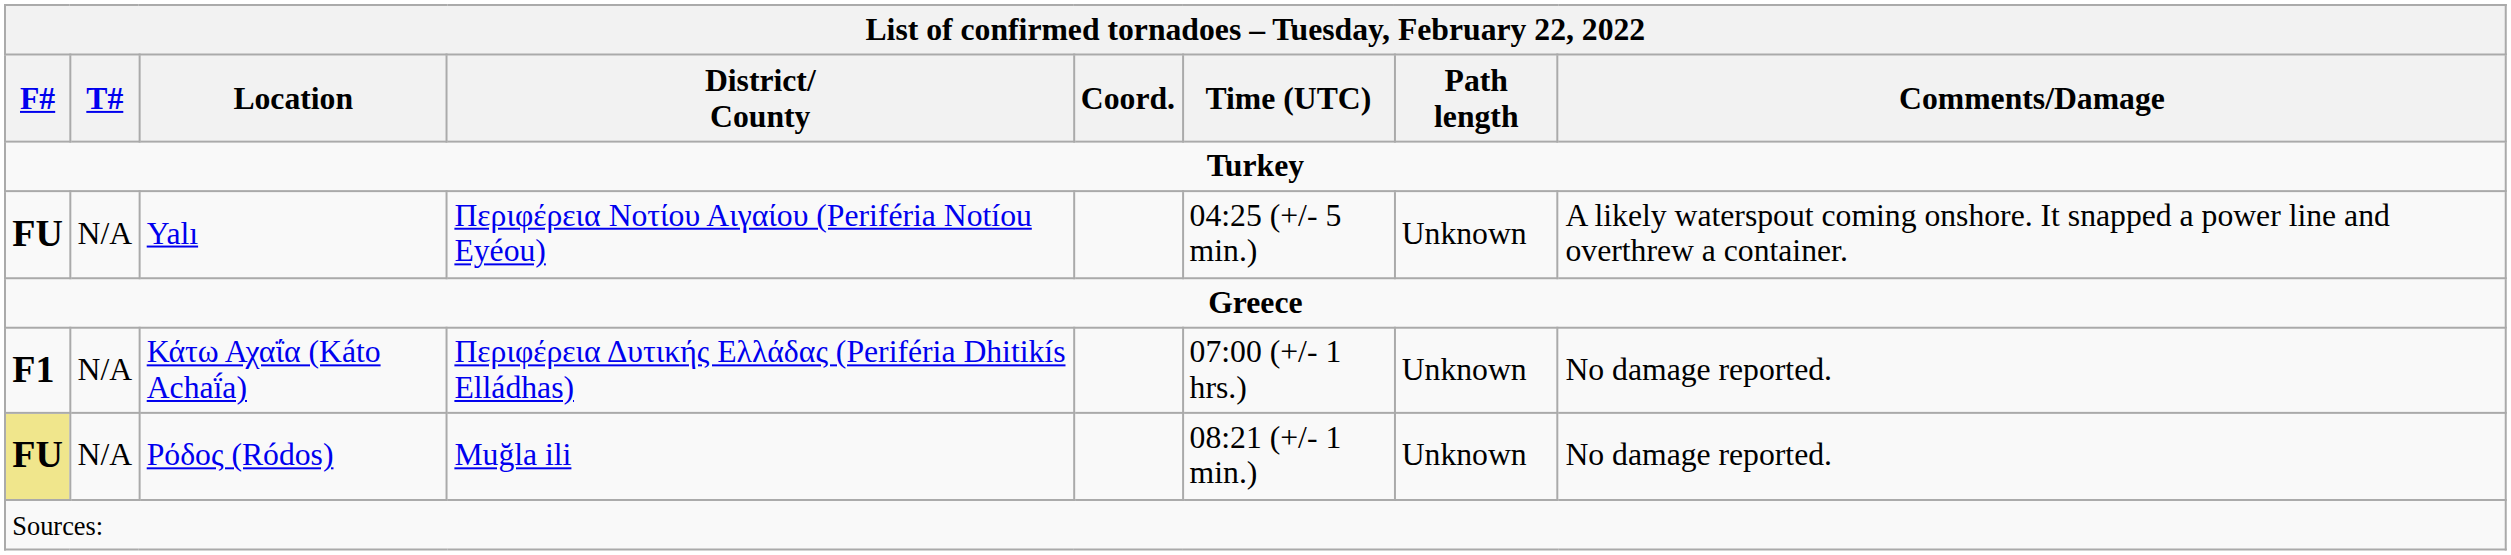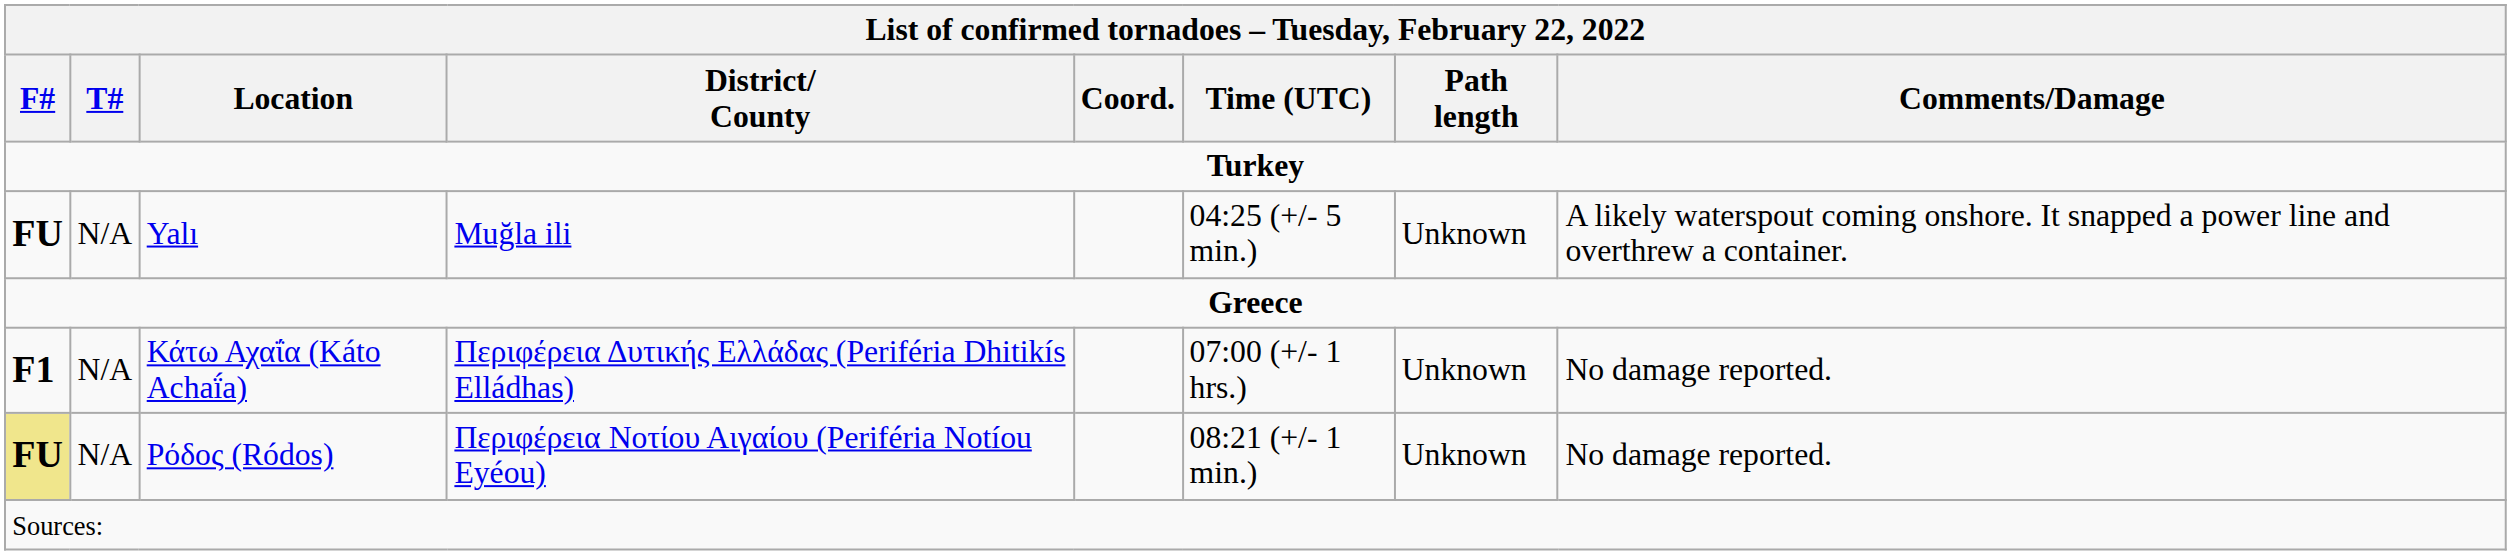 <table class="wikitable collapsible" width="100%">
 <tr>
 <th colspan="8">List of confirmed tornadoes – Tuesday, February 22, 2022</th>
 </tr>
 <tr>
 <th><a href='#'>F#</a></th>
 <th><a href='#'>T#</a></th>
 <th>Location</th>
 <th>District/<br>County</th>
 <th>Coord.</th>
 <th>Time (UTC)</th>
 <th>Path length</th>
 <th>Comments/Damage</th>
 </tr>
 <tr>
 <td colspan="8" align=center><strong>Turkey</strong></td>
 </tr>
 <tr>
 <td><big><strong>FU</strong></big></td>
 <td>N/A</td>
 <td><a href='#'>Yalı</a></td>
-<td><a href='#'>Περιφέρεια Νοτίου Αιγαίου (Periféria Notíou Eyéou)</a></td>
+<td><a href='#'>Muğla ili</a></td>
 <td></td>
 <td>04:25 (+/- 5 min.)</td>
 <td>Unknown</td>
 <td>A likely waterspout coming onshore. It snapped a power line and overthrew a container.</td>
 </tr>
 <tr>
 <td colspan="8" align=center><strong>Greece</strong></td>
 </tr>
 <tr>
 <td><big><strong>F1</strong></big></td>
 <td>N/A</td>
 <td><a href='#'>Κάτω Αχαΐα (Káto Achaḯa)</a></td>
 <td><a href='#'>Περιφέρεια Δυτικής Ελλάδας (Periféria Dhitikís Elládhas)</a></td>
 <td></td>
 <td>07:00 (+/- 1 hrs.)</td>
 <td>Unknown</td>
 <td>No damage reported.</td>
 </tr>
 <tr>
 <td style="background: khaki;"><big><strong>FU</strong></big></td>
 <td>N/A</td>
 <td><a href='#'>Ρόδος (Ródos)</a></td>
-<td><a href='#'>Muğla ili</a></td>
+<td><a href='#'>Περιφέρεια Νοτίου Αιγαίου (Periféria Notíou Eyéou)</a></td>
 <td></td>
 <td>08:21 (+/- 1 min.)</td>
 <td>Unknown</td>
 <td>No damage reported.</td>
 </tr>
 <tr>
 <td colspan="8"><small>Sources:  </small></td>
 </tr>
 </table>
